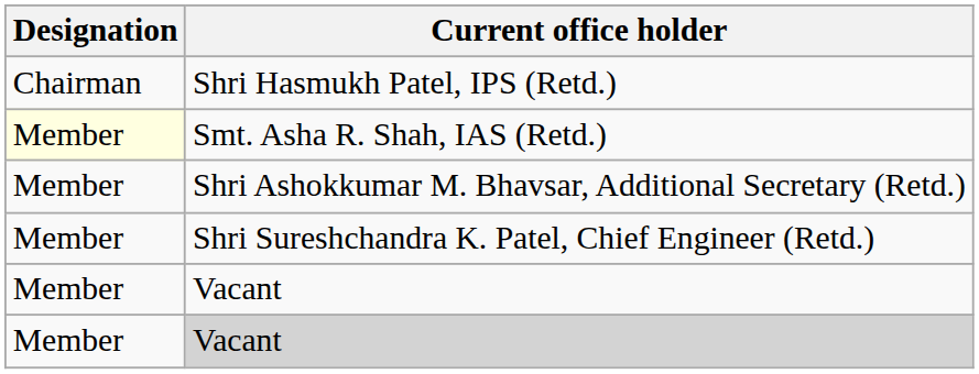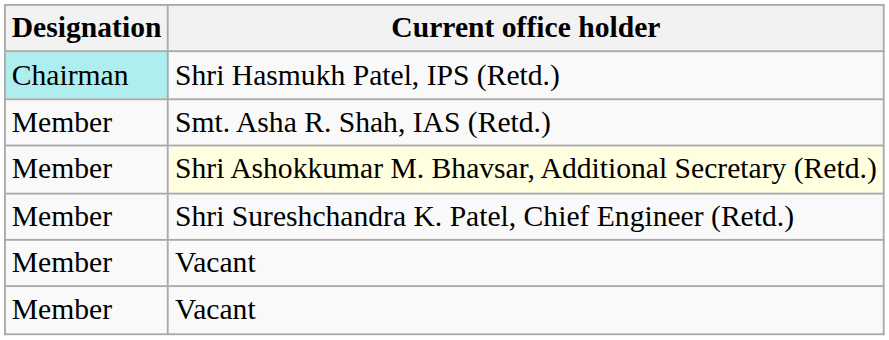 <table class="wikitable">
 <tr>
 <th>Designation</th>
 <th>Current office holder</th>
 </tr>
 <tr>
-<td>Chairman</td>
+<td style="background: paleturquoise;">Chairman</td>
 <td>Shri Hasmukh Patel, IPS (Retd.)</td>
 </tr>
 <tr>
-<td style="background: lightyellow;">Member</td>
+<td>Member</td>
 <td>Smt. Asha R. Shah, IAS (Retd.)</td>
 </tr>
 <tr>
 <td>Member</td>
-<td>Shri Ashokkumar M. Bhavsar, Additional Secretary (Retd.)</td>
+<td style="background: lightyellow;">Shri Ashokkumar M. Bhavsar, Additional Secretary (Retd.)</td>
 </tr>
 <tr>
 <td>Member</td>
 <td>Shri Sureshchandra K. Patel, Chief Engineer (Retd.)</td>
 </tr>
 <tr>
 <td>Member</td>
 <td>Vacant</td>
 </tr>
 <tr>
 <td>Member</td>
-<td style="background: lightgrey;">Vacant</td>
+<td>Vacant</td>
 </tr>
 </table>
